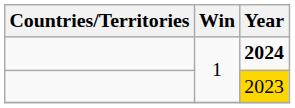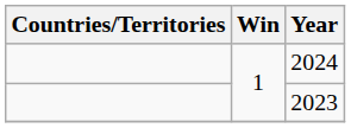 <table class="wikitable sortable" style="font-size: 85%; text-align:center">
 <tr>
 <th>Countries/Territories</th>
 <th>Win</th>
 <th>Year</th>
 </tr>
 <tr>
 <td align="left"></td>
 <td rowspan="2" align="center">1</td>
-<td align="center"><strong>2024</strong></td>
+<td align="center">2024</td>
 </tr>
 <tr>
 <td align="left"></td>
-<td style="background: gold;">2023</td>
+<td>2023</td>
 </tr>
 <tr>
 </tr>
 </table>
